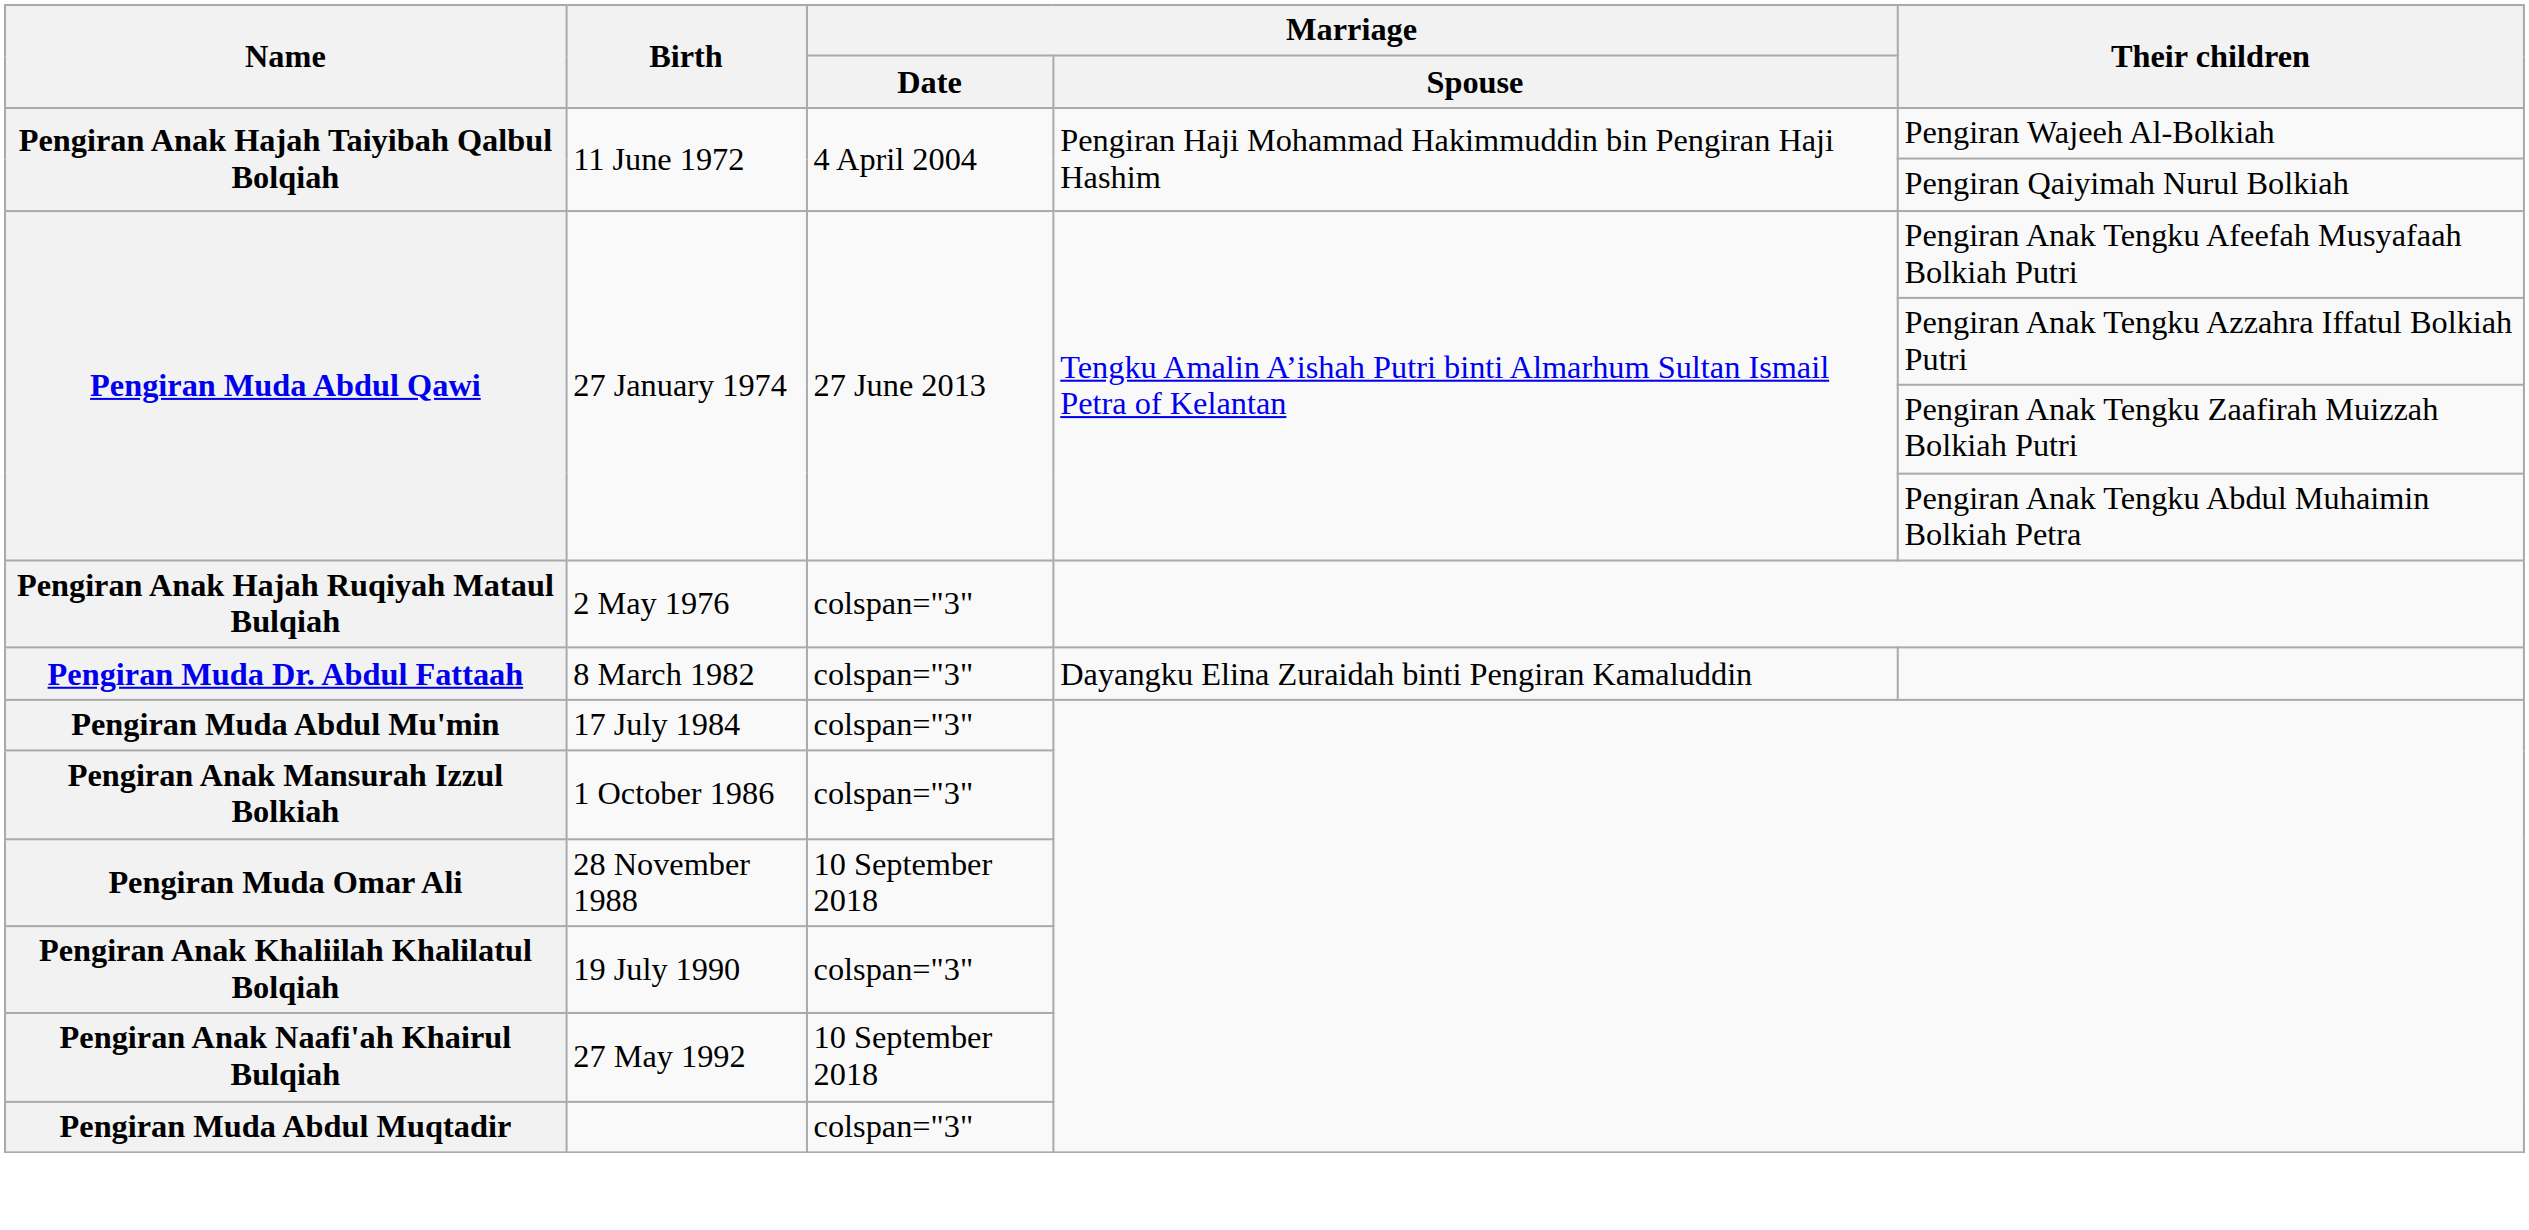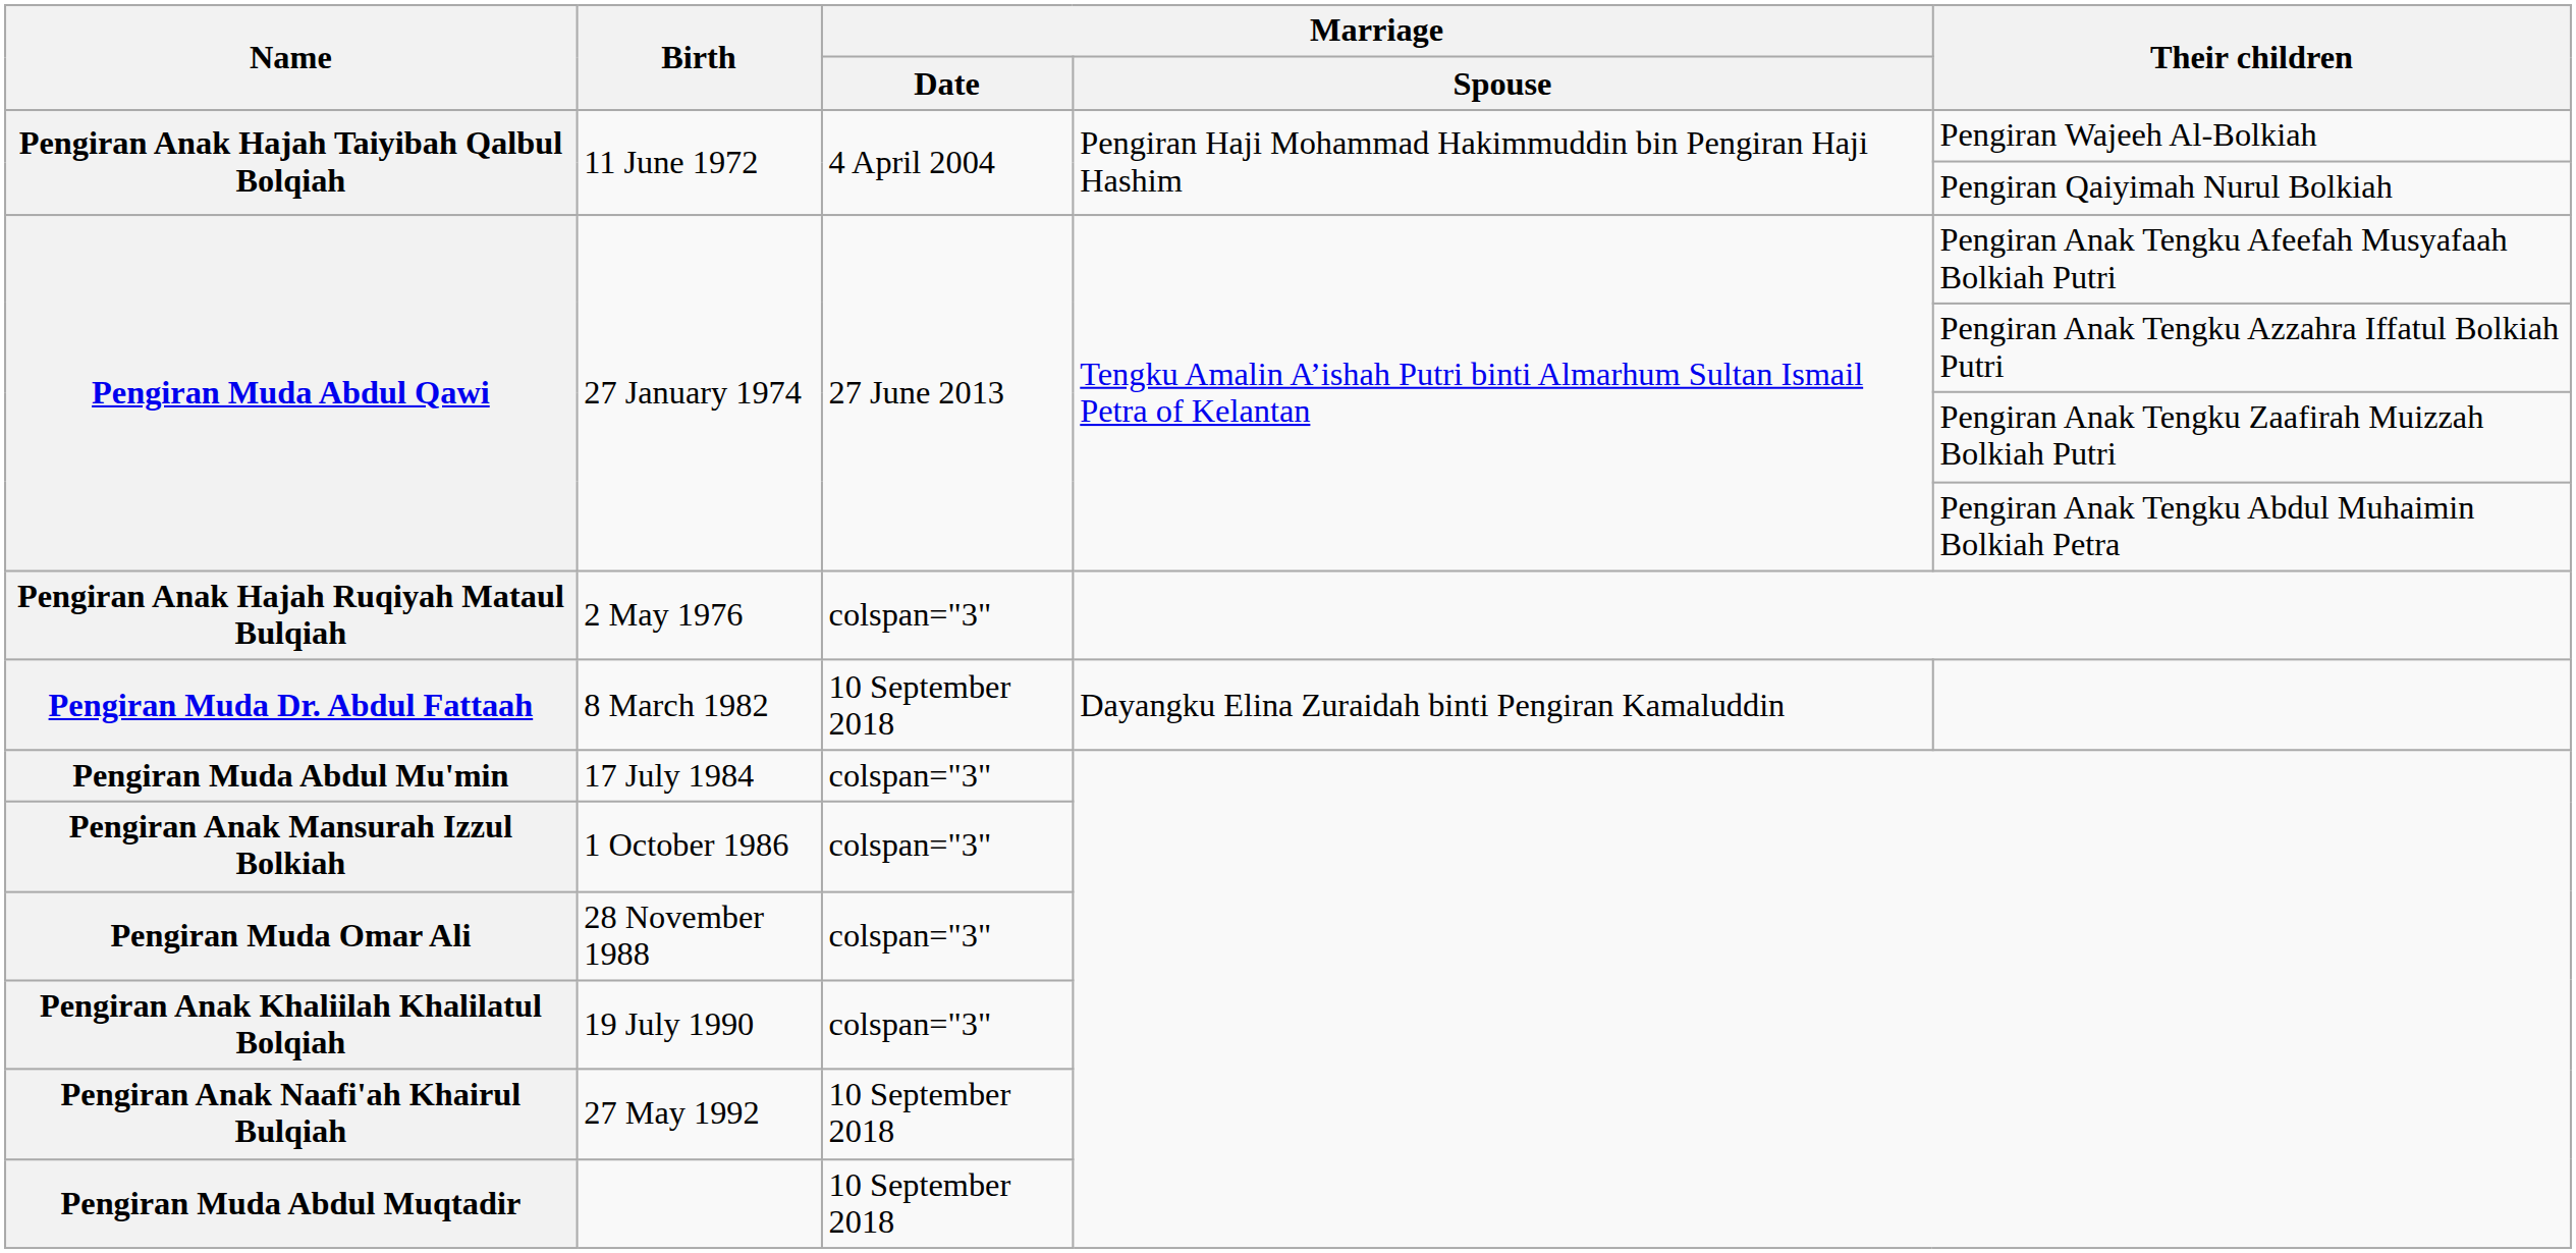 <table class="wikitable plainrowheaders">
 <tr>
 <th rowspan="2" scope="col">Name</th>
 <th rowspan="2" scope="col">Birth</th>
 <th colspan="2" scope="col">Marriage</th>
 <th rowspan="2" scope="col">Their children</th>
 </tr>
 <tr>
 <th scope="col">Date</th>
 <th scope="col">Spouse</th>
 </tr>
 <tr>
 <th rowspan="2" scope="row"><strong>Pengiran Anak Hajah Taiyibah Qalbul Bolqiah</strong></th>
 <td rowspan="2">11 June 1972</td>
 <td rowspan="2">4 April 2004</td>
 <td rowspan="2">Pengiran Haji Mohammad Hakimmuddin bin Pengiran Haji Hashim</td>
 <td>Pengiran Wajeeh Al-Bolkiah</td>
 </tr>
 <tr>
 <td>Pengiran Qaiyimah Nurul Bolkiah</td>
 </tr>
 <tr>
 <th rowspan="4" scope="row"><strong><a href='#'>Pengiran Muda Abdul Qawi</a></strong></th>
 <td rowspan="4">27 January 1974</td>
 <td rowspan="4">27 June 2013</td>
 <td rowspan="4"><a href='#'>Tengku Amalin A’ishah Putri binti Almarhum Sultan Ismail Petra of Kelantan</a></td>
 <td>Pengiran Anak Tengku Afeefah Musyafaah Bolkiah Putri</td>
 </tr>
 <tr>
 <td>Pengiran Anak Tengku Azzahra Iffatul Bolkiah Putri</td>
 </tr>
 <tr>
 <td>Pengiran Anak Tengku Zaafirah Muizzah Bolkiah Putri</td>
 </tr>
 <tr>
 <td>Pengiran Anak Tengku Abdul Muhaimin Bolkiah Petra</td>
 </tr>
 <tr>
 <th>Pengiran Anak Hajah Ruqiyah Mataul Bulqiah</th>
 <td>2 May 1976</td>
 <td>colspan="3" </td>
 </tr>
 <tr>
 <th><a href='#'>Pengiran Muda Dr. Abdul Fattaah</a></th>
 <td>8 March 1982</td>
-<td>colspan="3" </td>
+<td>10 September 2018</td>
 <td>Dayangku Elina Zuraidah binti Pengiran Kamaluddin</td>
 <td></td>
 </tr>
 <tr>
 <th>Pengiran Muda Abdul Mu'min</th>
 <td>17 July 1984</td>
 <td>colspan="3" </td>
 </tr>
 <tr>
 <th>Pengiran Anak Mansurah Izzul Bolkiah</th>
 <td>1 October 1986</td>
 <td>colspan="3" </td>
 </tr>
 <tr>
 <th>Pengiran Muda Omar Ali</th>
 <td>28 November 1988</td>
-<td>10 September 2018</td>
+<td>colspan="3" </td>
 </tr>
 <tr>
 <th>Pengiran Anak Khaliilah Khalilatul Bolqiah</th>
 <td>19 July 1990</td>
 <td>colspan="3" </td>
 </tr>
 <tr>
 <th>Pengiran Anak Naafi'ah Khairul Bulqiah</th>
 <td>27 May 1992</td>
 <td>10 September 2018</td>
 </tr>
 <tr>
 <th>Pengiran Muda Abdul Muqtadir</th>
 <td></td>
-<td>colspan="3" </td>
+<td>10 September 2018</td>
 </tr>
 </table>
